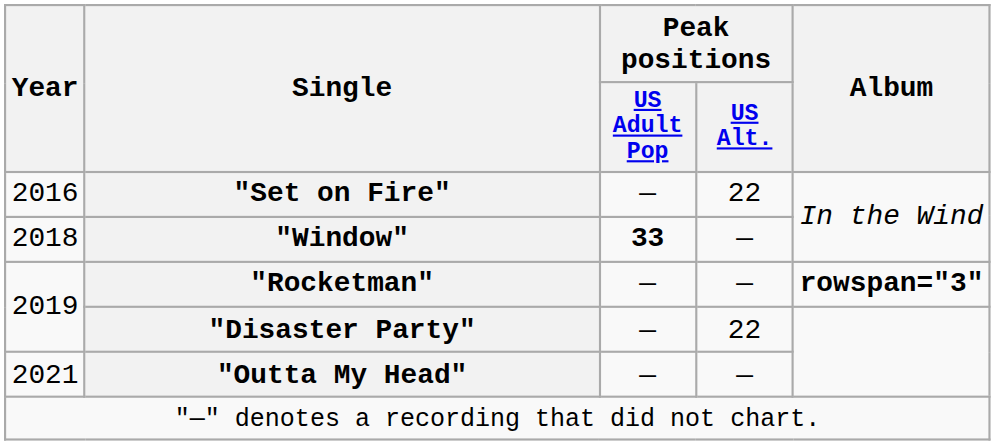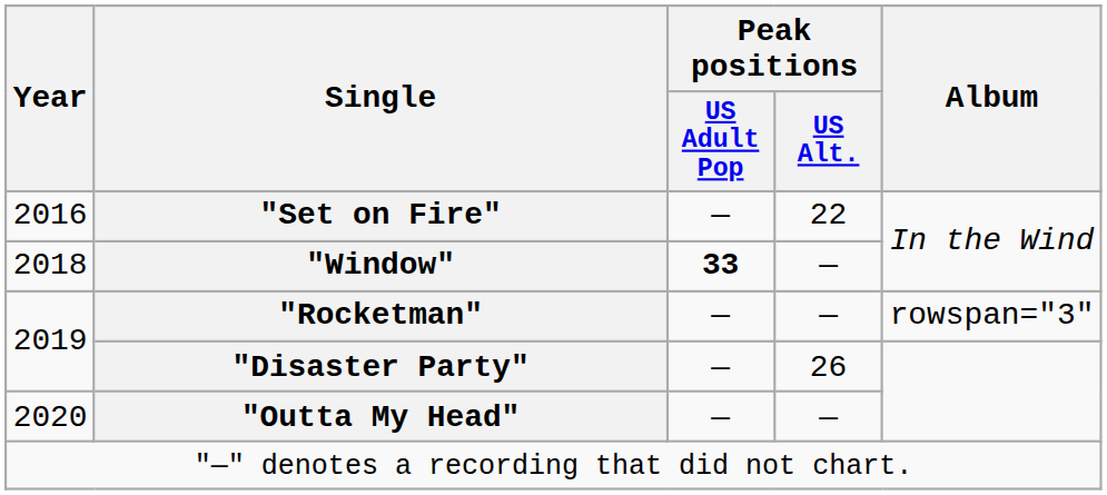 <table class="wikitable plainrowheaders" style="text-align:center;">
 <tr>
 <th rowspan="2">Year</th>
 <th rowspan="2" style="width:18em;">Single</th>
 <th colspan="2">Peak positions</th>
 <th rowspan="2">Album</th>
 </tr>
 <tr style="font-size:smaller;">
 <th style="width:40px;"><a href='#'>US<br>Adult<br>Pop</a><br></th>
 <th style="width:40px;"><a href='#'>US<br>Alt.</a><br></th>
 </tr>
 <tr>
 <td>2016</td>
 <th scope="row">"Set on Fire"</th>
 <td>—</td>
 <td>22</td>
 <td rowspan="2"><em>In the Wind</em></td>
 </tr>
 <tr>
 <td>2018</td>
 <th scope="row">"Window"</th>
 <td><strong>33</strong></td>
 <td>—</td>
 </tr>
 <tr>
 <td rowspan="2">2019</td>
 <th scope="row">"Rocketman" </th>
 <td>—</td>
 <td>—</td>
-<td><strong>rowspan="3" </strong></td>
+<td>rowspan="3" </td>
 </tr>
 <tr>
 <th scope="row">"Disaster Party"</th>
 <td>—</td>
-<td>22</td>
+<td>26</td>
 </tr>
 <tr>
-<td>2021</td>
+<td>2020</td>
 <th scope="row">"Outta My Head"</th>
 <td>—</td>
 <td>—</td>
 </tr>
 <tr>
 <td colspan="6" style="font-size:90%">"—" denotes a recording that did not chart.</td>
 </tr>
 </table>
